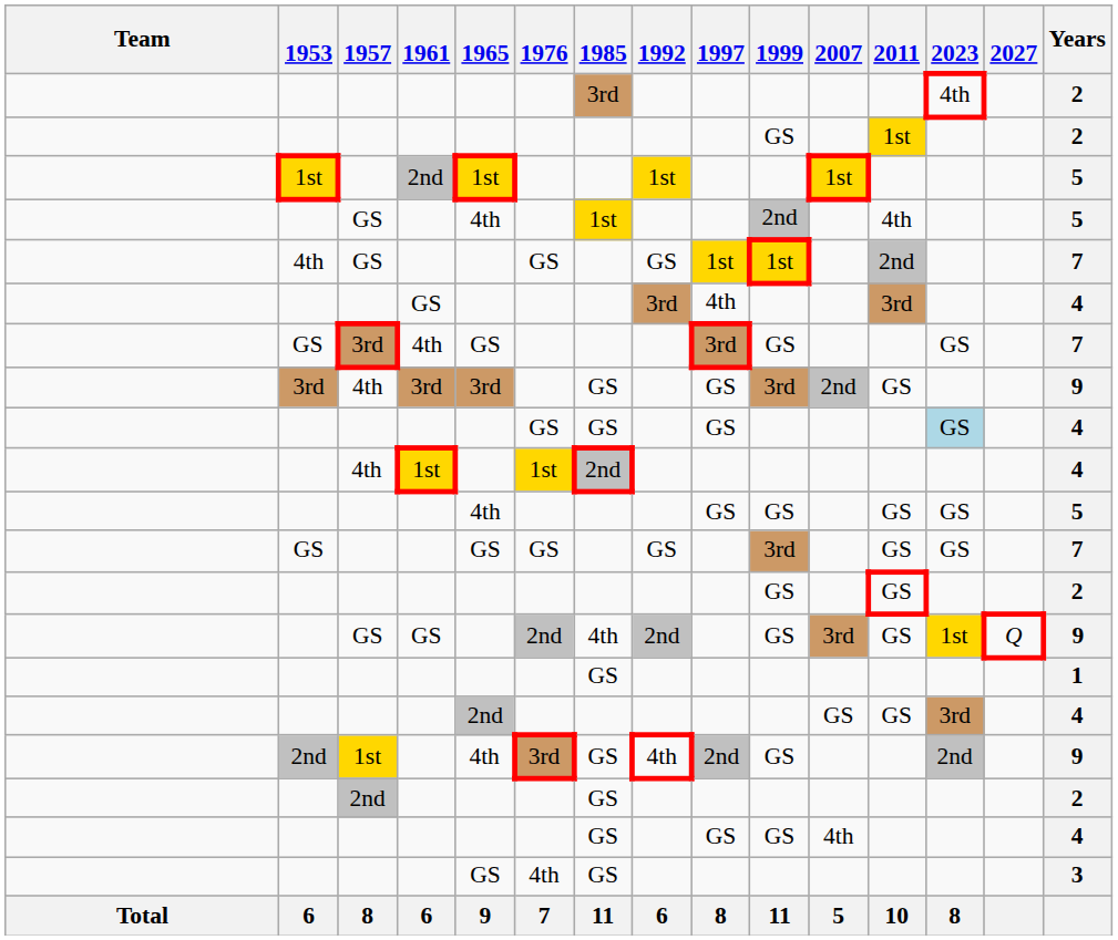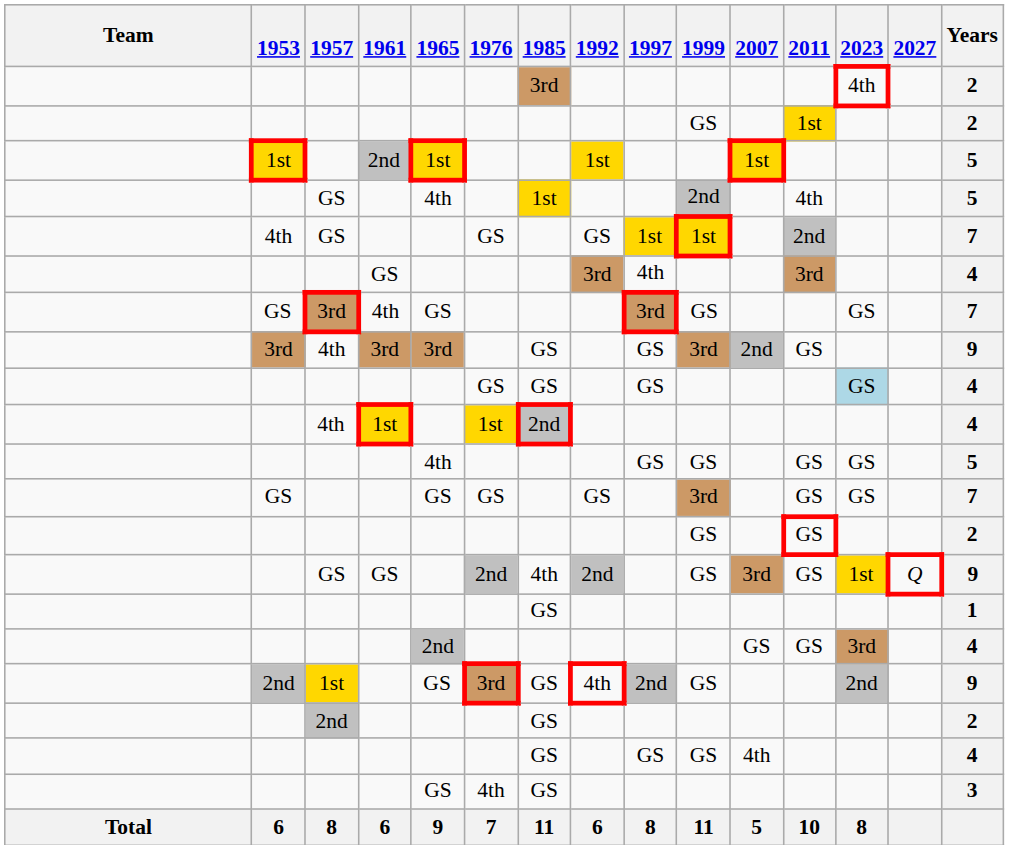 <table class="wikitable" style="text-align:center; font-size:85%">
 <tr>
 <th width=150>Team</th>
 <th><br><a href='#'>1953</a></th>
 <th><br><a href='#'>1957</a></th>
 <th><br><a href='#'>1961</a></th>
 <th><br><a href='#'>1965</a></th>
 <th><br><a href='#'>1976</a></th>
 <th><br><a href='#'>1985</a></th>
 <th><br><a href='#'>1992</a></th>
 <th><br><a href='#'>1997</a></th>
 <th><br><a href='#'>1999</a></th>
 <th><br><a href='#'>2007</a></th>
 <th><br><a href='#'>2011</a></th>
 <th><br><a href='#'>2023</a></th>
 <th><br><a href='#'>2027</a></th>
 <th>Years</th>
 </tr>
 <tr>
 <td align=left></td>
 <td></td>
 <td></td>
 <td></td>
 <td></td>
 <td></td>
 <td bgcolor=#cc9966>3rd</td>
 <td></td>
 <td></td>
 <td></td>
 <td></td>
 <td></td>
 <td style="border: 3px solid red">4th</td>
 <td></td>
 <th>2</th>
 </tr>
 <tr>
 <td align=left></td>
 <td></td>
 <td></td>
 <td></td>
 <td></td>
 <td></td>
 <td></td>
 <td></td>
 <td></td>
 <td>GS</td>
 <td></td>
 <td bgcolor=Gold>1st</td>
 <td></td>
 <td></td>
 <th>2</th>
 </tr>
 <tr>
 <td align=left></td>
 <td style="border: 3px solid red" bgcolor=Gold>1st</td>
 <td></td>
 <td bgcolor=Silver>2nd</td>
 <td style="border: 3px solid red" bgcolor=Gold>1st</td>
 <td></td>
 <td></td>
 <td bgcolor=Gold>1st</td>
 <td></td>
 <td></td>
 <td style="border: 3px solid red" bgcolor=Gold>1st</td>
 <td></td>
 <td></td>
 <td></td>
 <th>5</th>
 </tr>
 <tr>
 <td align=left></td>
 <td></td>
 <td>GS</td>
 <td></td>
 <td>4th</td>
 <td></td>
 <td bgcolor=Gold>1st</td>
 <td></td>
 <td></td>
 <td bgcolor=Silver>2nd</td>
 <td></td>
 <td>4th</td>
 <td></td>
 <td></td>
 <th>5</th>
 </tr>
 <tr>
 <td align=left></td>
 <td>4th</td>
 <td>GS</td>
 <td></td>
 <td></td>
 <td>GS</td>
 <td></td>
 <td>GS</td>
 <td bgcolor=Gold>1st</td>
 <td style="border: 3px solid red" bgcolor=Gold>1st</td>
 <td></td>
 <td bgcolor=Silver>2nd</td>
 <td></td>
 <td></td>
 <th>7</th>
 </tr>
 <tr>
 <td align=left></td>
 <td></td>
 <td></td>
 <td>GS</td>
 <td></td>
 <td></td>
 <td></td>
 <td bgcolor=#cc9966>3rd</td>
 <td>4th</td>
 <td></td>
 <td></td>
 <td bgcolor=#cc9966>3rd</td>
 <td></td>
 <td></td>
 <th>4</th>
 </tr>
 <tr>
 <td align=left></td>
 <td>GS</td>
 <td style="border: 3px solid red" bgcolor=#cc9966>3rd</td>
 <td>4th</td>
 <td>GS</td>
 <td></td>
 <td></td>
 <td></td>
 <td style="border: 3px solid red" bgcolor=#cc9966>3rd</td>
 <td>GS</td>
 <td></td>
 <td></td>
 <td>GS</td>
 <td></td>
 <th>7</th>
 </tr>
 <tr>
 <td align=left></td>
 <td bgcolor=#cc9966>3rd</td>
 <td>4th</td>
 <td bgcolor=#cc9966>3rd</td>
 <td bgcolor=#cc9966>3rd</td>
 <td></td>
 <td>GS</td>
 <td></td>
 <td>GS</td>
 <td bgcolor=#cc9966>3rd</td>
 <td bgcolor=Silver>2nd</td>
 <td>GS</td>
 <td></td>
 <td></td>
 <th>9</th>
 </tr>
 <tr>
 <td align=left></td>
 <td></td>
 <td></td>
 <td></td>
 <td></td>
 <td>GS</td>
 <td>GS</td>
 <td></td>
 <td>GS</td>
 <td></td>
 <td></td>
 <td></td>
 <td style="background: lightblue;">GS</td>
 <td></td>
 <th>4</th>
 </tr>
 <tr>
 <td align=left></td>
 <td></td>
 <td>4th</td>
 <td style="border: 3px solid red" bgcolor=Gold>1st</td>
 <td></td>
 <td bgcolor=Gold>1st</td>
 <td style="border: 3px solid red" bgcolor=Silver>2nd</td>
 <td></td>
 <td></td>
 <td></td>
 <td></td>
 <td></td>
 <td></td>
 <td></td>
 <th>4</th>
 </tr>
 <tr>
 <td align=left></td>
 <td></td>
 <td></td>
 <td></td>
 <td>4th</td>
 <td></td>
 <td></td>
 <td></td>
 <td>GS</td>
 <td>GS</td>
 <td></td>
 <td>GS</td>
 <td>GS</td>
 <td></td>
 <th>5</th>
 </tr>
 <tr>
 <td align=left></td>
 <td>GS</td>
 <td></td>
 <td></td>
 <td>GS</td>
 <td>GS</td>
 <td></td>
 <td>GS</td>
 <td></td>
 <td bgcolor=#cc9966>3rd</td>
 <td></td>
 <td>GS</td>
 <td>GS</td>
 <td></td>
 <th>7</th>
 </tr>
 <tr>
 <td align=left></td>
 <td></td>
 <td></td>
 <td></td>
 <td></td>
 <td></td>
 <td></td>
 <td></td>
 <td></td>
 <td>GS</td>
 <td></td>
 <td style="border: 3px solid red">GS</td>
 <td></td>
 <td></td>
 <th>2</th>
 </tr>
 <tr>
 <td align=left></td>
 <td></td>
 <td>GS</td>
 <td>GS</td>
 <td></td>
 <td bgcolor=Silver>2nd</td>
 <td>4th</td>
 <td bgcolor=Silver>2nd</td>
 <td></td>
 <td>GS</td>
 <td bgcolor=#cc9966>3rd</td>
 <td>GS</td>
 <td bgcolor=Gold>1st</td>
 <td style="border: 3px solid red"><em>Q</em></td>
 <th>9</th>
 </tr>
 <tr>
 <td align=left></td>
 <td></td>
 <td></td>
 <td></td>
 <td></td>
 <td></td>
 <td>GS</td>
 <td></td>
 <td></td>
 <td></td>
 <td></td>
 <td></td>
 <td></td>
 <td></td>
 <th>1</th>
 </tr>
 <tr>
 <td align=left></td>
 <td></td>
 <td></td>
 <td></td>
 <td bgcolor=Silver>2nd</td>
 <td></td>
 <td></td>
 <td></td>
 <td></td>
 <td></td>
 <td>GS</td>
 <td>GS</td>
 <td bgcolor=#cc9966>3rd</td>
 <td></td>
 <th>4</th>
 </tr>
 <tr>
 <td align=left></td>
 <td bgcolor=Silver>2nd</td>
 <td bgcolor=Gold>1st</td>
 <td></td>
-<td>4th</td>
+<td>GS</td>
 <td style="border: 3px solid red" bgcolor=#cc9966>3rd</td>
 <td>GS</td>
 <td style="border: 3px solid red">4th</td>
 <td bgcolor=Silver>2nd</td>
 <td>GS</td>
 <td></td>
 <td></td>
 <td bgcolor=Silver>2nd</td>
 <td></td>
 <th>9</th>
 </tr>
 <tr>
 <td align=left></td>
 <td></td>
 <td bgcolor=Silver>2nd</td>
 <td></td>
 <td></td>
 <td></td>
 <td>GS</td>
 <td></td>
 <td></td>
 <td></td>
 <td></td>
 <td></td>
 <td></td>
 <td></td>
 <th>2</th>
 </tr>
 <tr>
 <td align=left></td>
 <td></td>
 <td></td>
 <td></td>
 <td></td>
 <td></td>
 <td>GS</td>
 <td></td>
 <td>GS</td>
 <td>GS</td>
 <td>4th</td>
 <td></td>
 <td></td>
 <td></td>
 <th>4</th>
 </tr>
 <tr>
 <td align=left></td>
 <td></td>
 <td></td>
 <td></td>
 <td>GS</td>
 <td>4th</td>
 <td>GS</td>
 <td></td>
 <td></td>
 <td></td>
 <td></td>
 <td></td>
 <td></td>
 <td></td>
 <th>3</th>
 </tr>
 <tr>
 <th>Total</th>
 <th>6</th>
 <th>8</th>
 <th>6</th>
 <th>9</th>
 <th>7</th>
 <th>11</th>
 <th>6</th>
 <th>8</th>
 <th>11</th>
 <th>5</th>
 <th>10</th>
 <th>8</th>
 <th></th>
 <th></th>
 </tr>
 </table>
